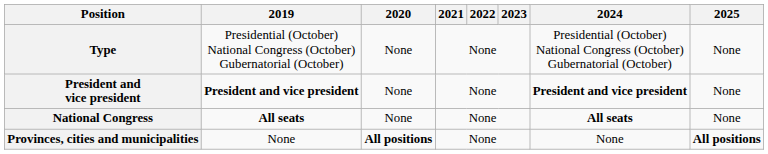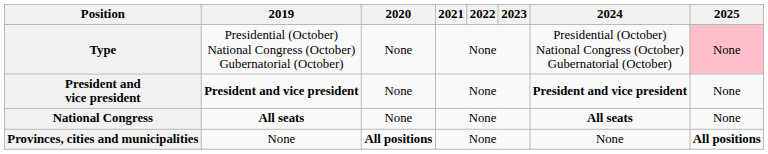 <table class=wikitable style="text-align:center;">
 <tr>
 <th>Position</th>
 <th>2019</th>
 <th>2020</th>
 <th>2021</th>
 <th>2022</th>
 <th>2023</th>
 <th>2024</th>
 <th>2025</th>
 </tr>
 <tr>
 <th>Type</th>
 <td>Presidential (October)<br>National Congress (October)<br>Gubernatorial (October)</td>
 <td>None</td>
 <td colspan=3>None</td>
 <td>Presidential (October)<br>National Congress (October)<br>Gubernatorial (October)</td>
-<td>None</td>
+<td style="background: pink;">None</td>
 </tr>
 <tr>
 <th>President and<br>vice president</th>
 <td><strong>President and vice president</strong></td>
 <td>None</td>
 <td colspan=3>None</td>
 <td><strong>President and vice president</strong></td>
 <td>None</td>
 </tr>
 <tr>
 <th>National Congress</th>
 <td><strong>All seats</strong></td>
 <td>None</td>
 <td colspan=3>None</td>
 <td><strong>All seats</strong></td>
 <td>None</td>
 </tr>
 <tr>
 <th>Provinces, cities and municipalities</th>
 <td>None</td>
 <td><strong>All positions</strong></td>
 <td colspan=3>None</td>
 <td>None</td>
 <td><strong>All positions</strong></td>
 </tr>
 </table>
